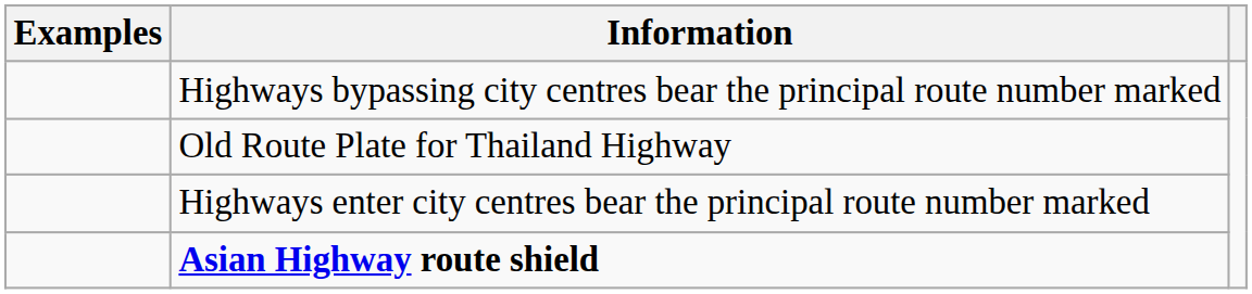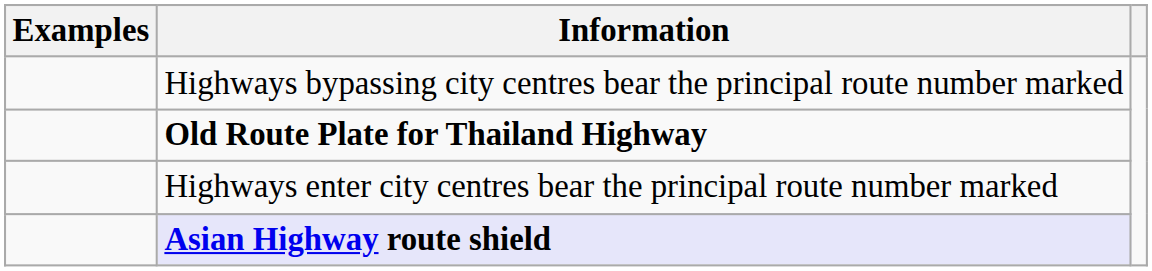 <table class="wikitable">
 <tr>
 <th>Examples</th>
 <th>Information</th>
 <th></th>
 </tr>
 <tr>
 <td></td>
 <td>Highways bypassing city centres bear the principal route number marked</td>
 </tr>
 <tr>
 <td></td>
-<td>Old Route Plate for Thailand Highway</td>
+<td><strong>Old Route Plate for Thailand Highway</strong></td>
 </tr>
 <tr>
 <td></td>
 <td>Highways enter city centres bear the principal route number marked</td>
 </tr>
 <tr>
 <td></td>
-<td><strong><a href='#'>Asian Highway</a> route shield</strong></td>
+<td style="background: lavender;"><strong><a href='#'>Asian Highway</a> route shield</strong></td>
 </tr>
 </table>
